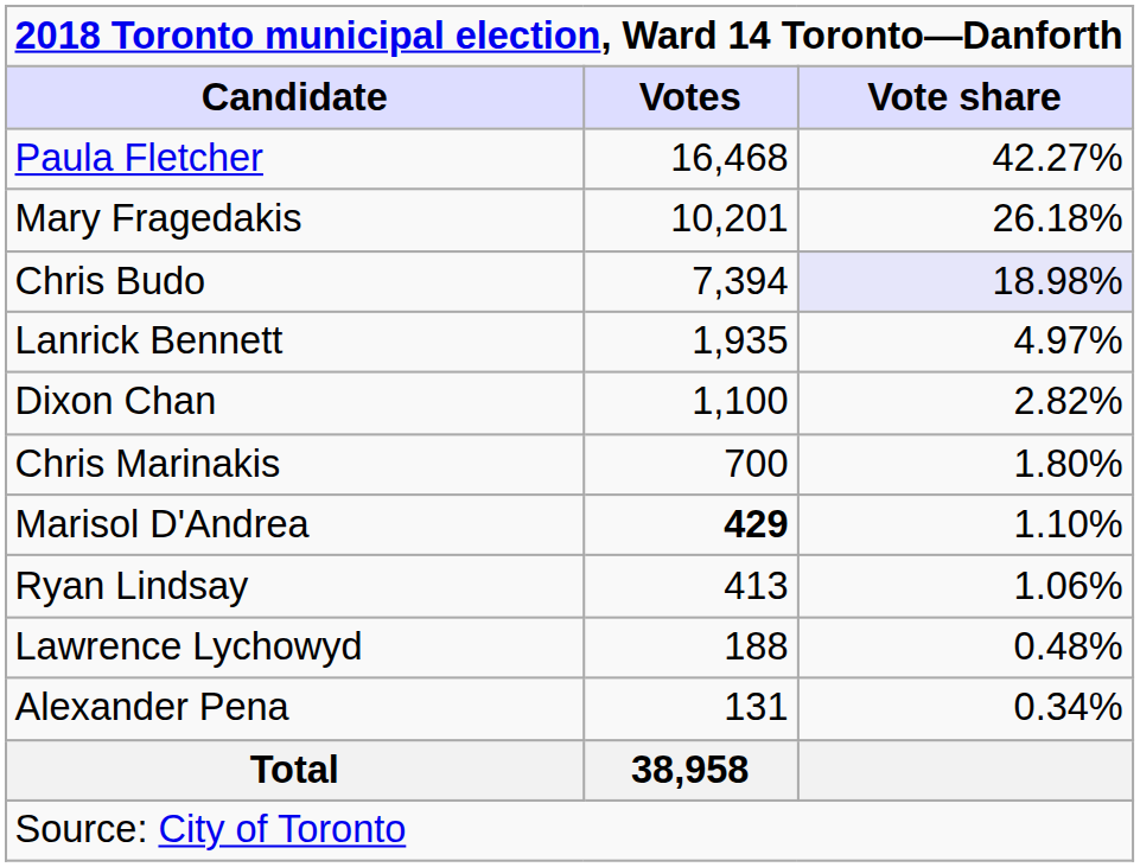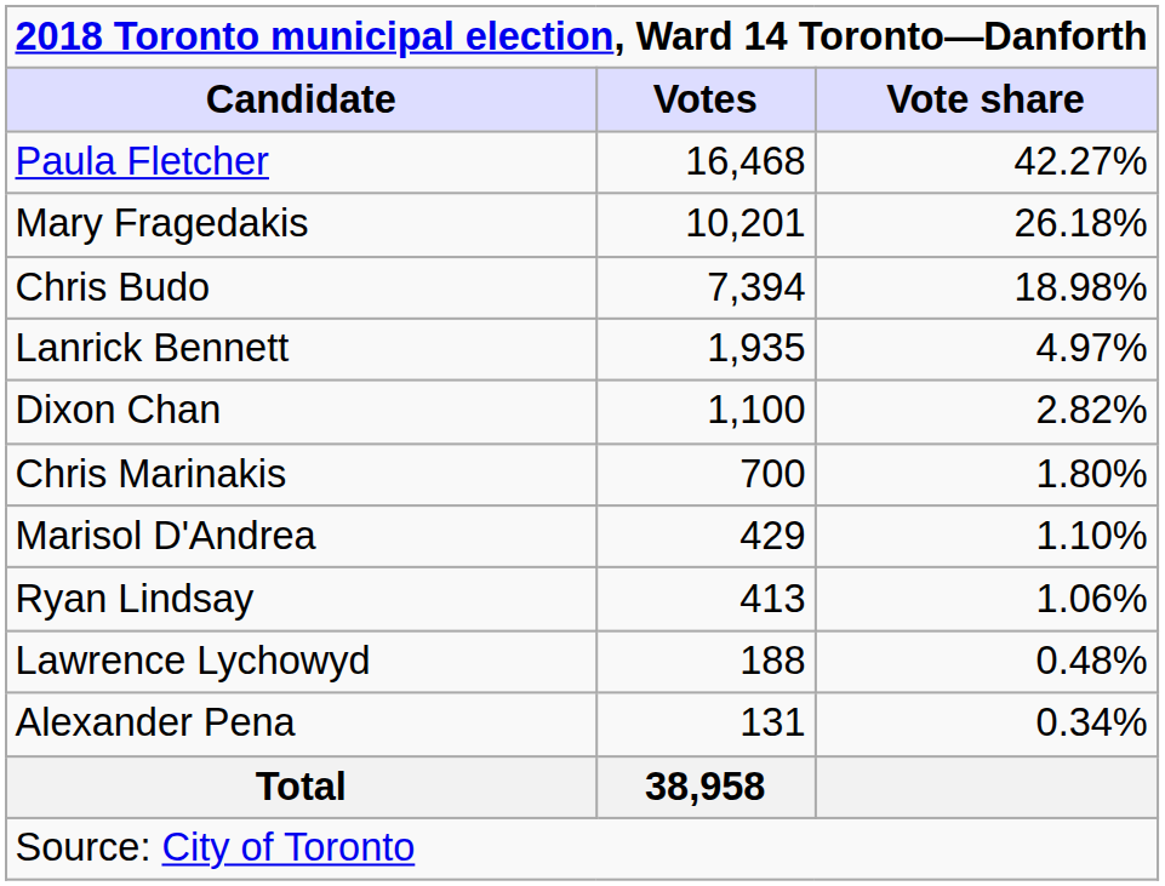 <table class="wikitable plainrowheaders">
 <tr>
 <td colspan="3"><strong><a href='#'>2018 Toronto municipal election</a>, Ward 14 Toronto—Danforth</strong></td>
 </tr>
 <tr>
 <th scope="col" style="background:#ddf;">Candidate</th>
 <th scope="col" style="background:#ddf;">Votes</th>
 <th scope="col" style="background:#ddf;">Vote share</th>
 </tr>
 <tr>
 <td scope="row"><a href='#'>Paula Fletcher</a></td>
 <td align="right">16,468</td>
 <td align="right">42.27%</td>
 </tr>
 <tr>
 <td scope="row">Mary Fragedakis</td>
 <td align="right">10,201</td>
 <td align="right">26.18%</td>
 </tr>
 <tr>
 <td scope="row">Chris Budo</td>
 <td align="right">7,394</td>
-<td align="right" style="background: lavender;">18.98%</td>
+<td align="right">18.98%</td>
 </tr>
 <tr>
 <td scope="row">Lanrick Bennett</td>
 <td align="right">1,935</td>
 <td align="right">4.97%</td>
 </tr>
 <tr>
 <td scope="row">Dixon Chan</td>
 <td align="right">1,100</td>
 <td align="right">2.82%</td>
 </tr>
 <tr>
 <td>Chris Marinakis</td>
 <td align="right">700</td>
 <td align="right">1.80%</td>
 </tr>
 <tr>
 <td>Marisol D'Andrea</td>
-<td align="right"><strong>429</strong></td>
+<td align="right">429</td>
 <td align="right">1.10%</td>
 </tr>
 <tr>
 <td>Ryan Lindsay</td>
 <td align="right">413</td>
 <td align="right">1.06%</td>
 </tr>
 <tr>
 <td>Lawrence Lychowyd</td>
 <td align="right">188</td>
 <td align="right">0.48%</td>
 </tr>
 <tr>
 <td>Alexander Pena</td>
 <td align="right">131</td>
 <td align="right">0.34%</td>
 </tr>
 <tr>
 <th scope="row"><strong>Total</strong></th>
 <th align="right">38,958</th>
 <th align="right"></th>
 </tr>
 <tr>
 <td colspan="3">Source: <a href='#'>City of Toronto</a></td>
 </tr>
 </table>
